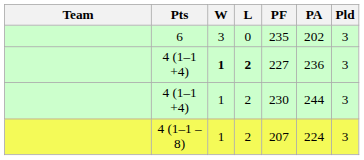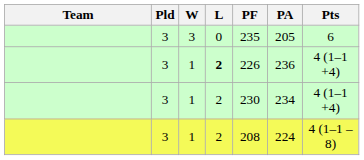 <table class="wikitable" style="text-align:center;">
 <tr>
 <th width=170>Team</th>
-<th width=60>Pts</th>
+<th width=25>Pld</th>
 <th width=25>W</th>
 <th width=25>L</th>
 <th width=35>PF</th>
 <th width=35>PA</th>
-<th width=25>Pld</th>
+<th width=60>Pts</th>
 </tr>
 <tr bgcolor=#ccffcc>
 <td align="left"></td>
-<td>6</td>
+<td>3</td>
 <td>3</td>
 <td>0</td>
 <td>235</td>
-<td>202</td>
-<td>3</td>
+<td>205</td>
+<td>6</td>
 </tr>
 <tr bgcolor=#ccffcc>
 <td align="left"></td>
+<td>3</td>
+<td>1</td>
+<td><strong>2</strong></td>
+<td>226</td>
+<td>236</td>
 <td>4 (1–1 +4)</td>
-<td><strong>1</strong></td>
-<td><strong>2</strong></td>
-<td>227</td>
-<td>236</td>
-<td>3</td>
 </tr>
 <tr bgcolor=#ccffcc>
 <td align="left"></td>
-<td>4 (1–1 +4)</td>
+<td>3</td>
 <td>1</td>
 <td>2</td>
 <td>230</td>
-<td>244</td>
-<td>3</td>
+<td>234</td>
+<td>4 (1–1 +4)</td>
 </tr>
 <tr bgcolor=#F4FA58>
 <td align="left"></td>
-<td>4 (1–1 –8)</td>
+<td>3</td>
 <td>1</td>
 <td>2</td>
-<td>207</td>
+<td>208</td>
 <td>224</td>
-<td>3</td>
+<td>4 (1–1 –8)</td>
 </tr>
 </table>
